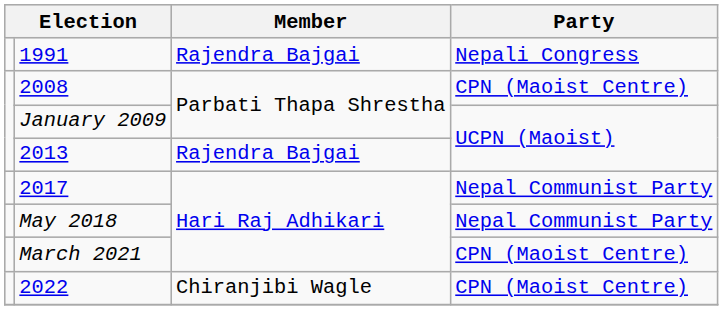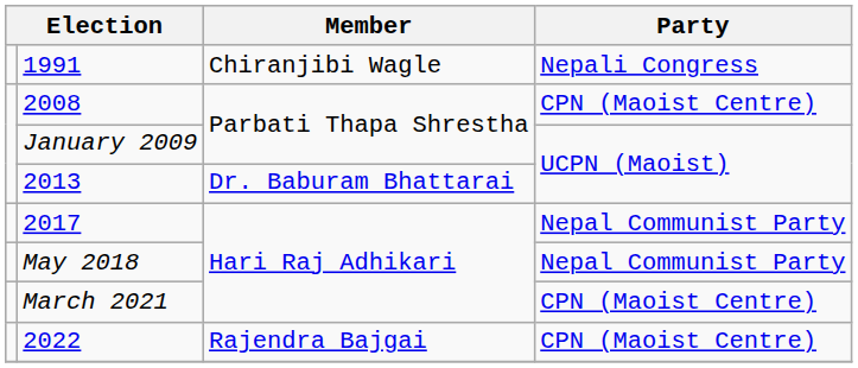 <table class="wikitable">
 <tr>
 <th colspan="2">Election</th>
 <th>Member</th>
 <th>Party</th>
 </tr>
 <tr>
 <td style="background-color:"></td>
 <td><a href='#'>1991</a></td>
-<td><a href='#'>Rajendra Bajgai</a></td>
+<td>Chiranjibi Wagle</td>
 <td><a href='#'>Nepali Congress</a></td>
 </tr>
 <tr>
 <td rowspan="3" style="background-color:"></td>
 <td><a href='#'>2008</a></td>
 <td rowspan="2">Parbati Thapa Shrestha</td>
 <td><a href='#'>CPN (Maoist Centre)</a></td>
 </tr>
 <tr>
 <td><em>January 2009</em></td>
 <td rowspan="2"><a href='#'>UCPN (Maoist)</a></td>
 </tr>
 <tr>
 <td><a href='#'>2013</a></td>
-<td><a href='#'>Rajendra Bajgai</a></td>
+<td><a href='#'>Dr. Baburam Bhattarai</a></td>
 </tr>
 <tr>
 <td style="background-color:"></td>
 <td><a href='#'>2017</a></td>
 <td rowspan="3"><a href='#'>Hari Raj Adhikari</a></td>
 <td><a href='#'>Nepal Communist Party</a></td>
 </tr>
 <tr>
 <td style="background-color:"></td>
 <td><em>May 2018</em></td>
 <td><a href='#'>Nepal Communist Party</a></td>
 </tr>
 <tr>
 <td></td>
 <td><em>March 2021</em></td>
 <td><a href='#'>CPN (Maoist Centre)</a></td>
 </tr>
 <tr>
 <td style="background-color:"></td>
 <td><a href='#'>2022</a></td>
-<td>Chiranjibi Wagle</td>
+<td><a href='#'>Rajendra Bajgai</a></td>
 <td><a href='#'>CPN (Maoist Centre)</a></td>
 </tr>
 <tr>
 </tr>
 </table>
